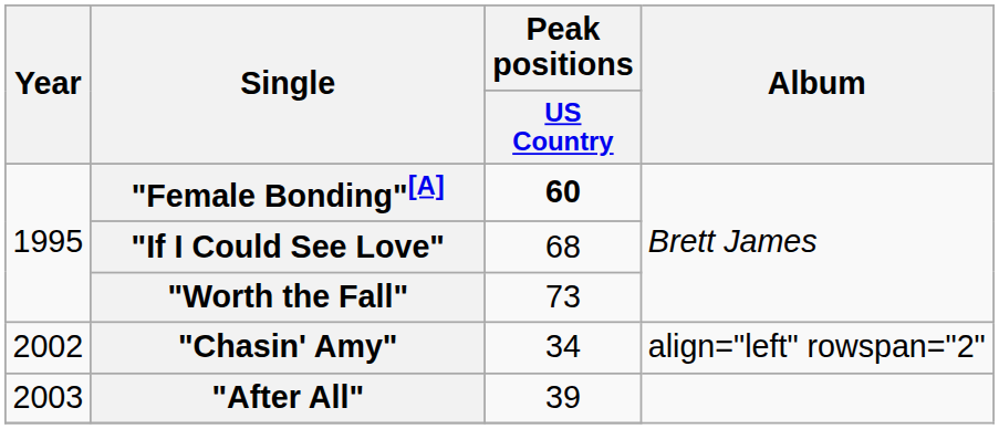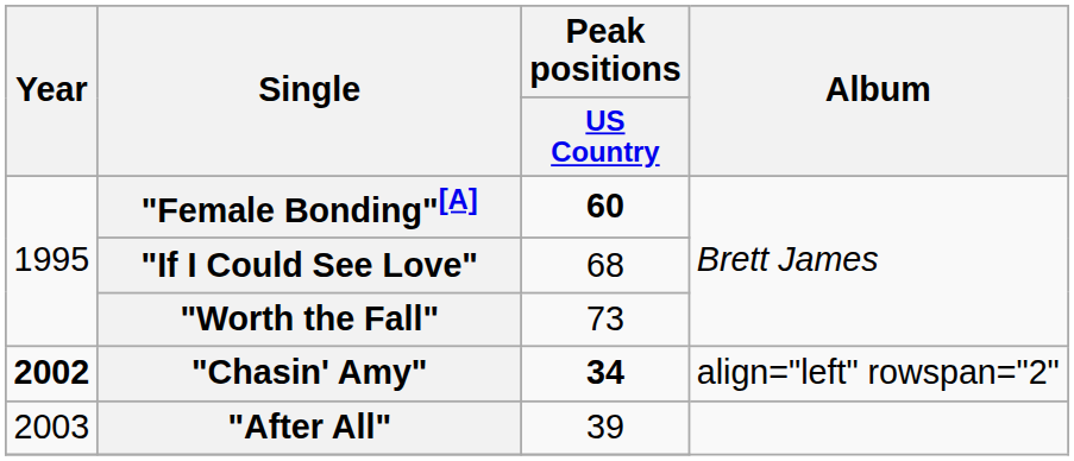 <table class="wikitable plainrowheaders" style="text-align:center;">
 <tr>
 <th rowspan="2">Year</th>
 <th rowspan="2" style="width:12em;">Single</th>
 <th colspan="1">Peak positions</th>
 <th rowspan="2">Album</th>
 </tr>
 <tr style="font-size:smaller;">
 <th width="65"><a href='#'>US Country</a><br></th>
 </tr>
 <tr>
 <td rowspan="3">1995</td>
 <th scope="row">"Female Bonding"<sup><span></span><a href='#'><strong>[A]</strong></a></sup></th>
 <td><strong>60</strong></td>
 <td align="left" rowspan="3"><em>Brett James</em></td>
 </tr>
 <tr>
 <th scope="row">"If I Could See Love"</th>
 <td>68</td>
 </tr>
 <tr>
 <th scope="row">"Worth the Fall"</th>
 <td>73</td>
 </tr>
 <tr>
-<td>2002</td>
+<td><strong>2002</strong></td>
 <th scope="row">"Chasin' Amy"</th>
-<td>34</td>
+<td><strong>34</strong></td>
 <td>align="left" rowspan="2" </td>
 </tr>
 <tr>
 <td>2003</td>
 <th scope="row">"After All"</th>
 <td>39</td>
 </tr>
 <tr>
 </tr>
 </table>
